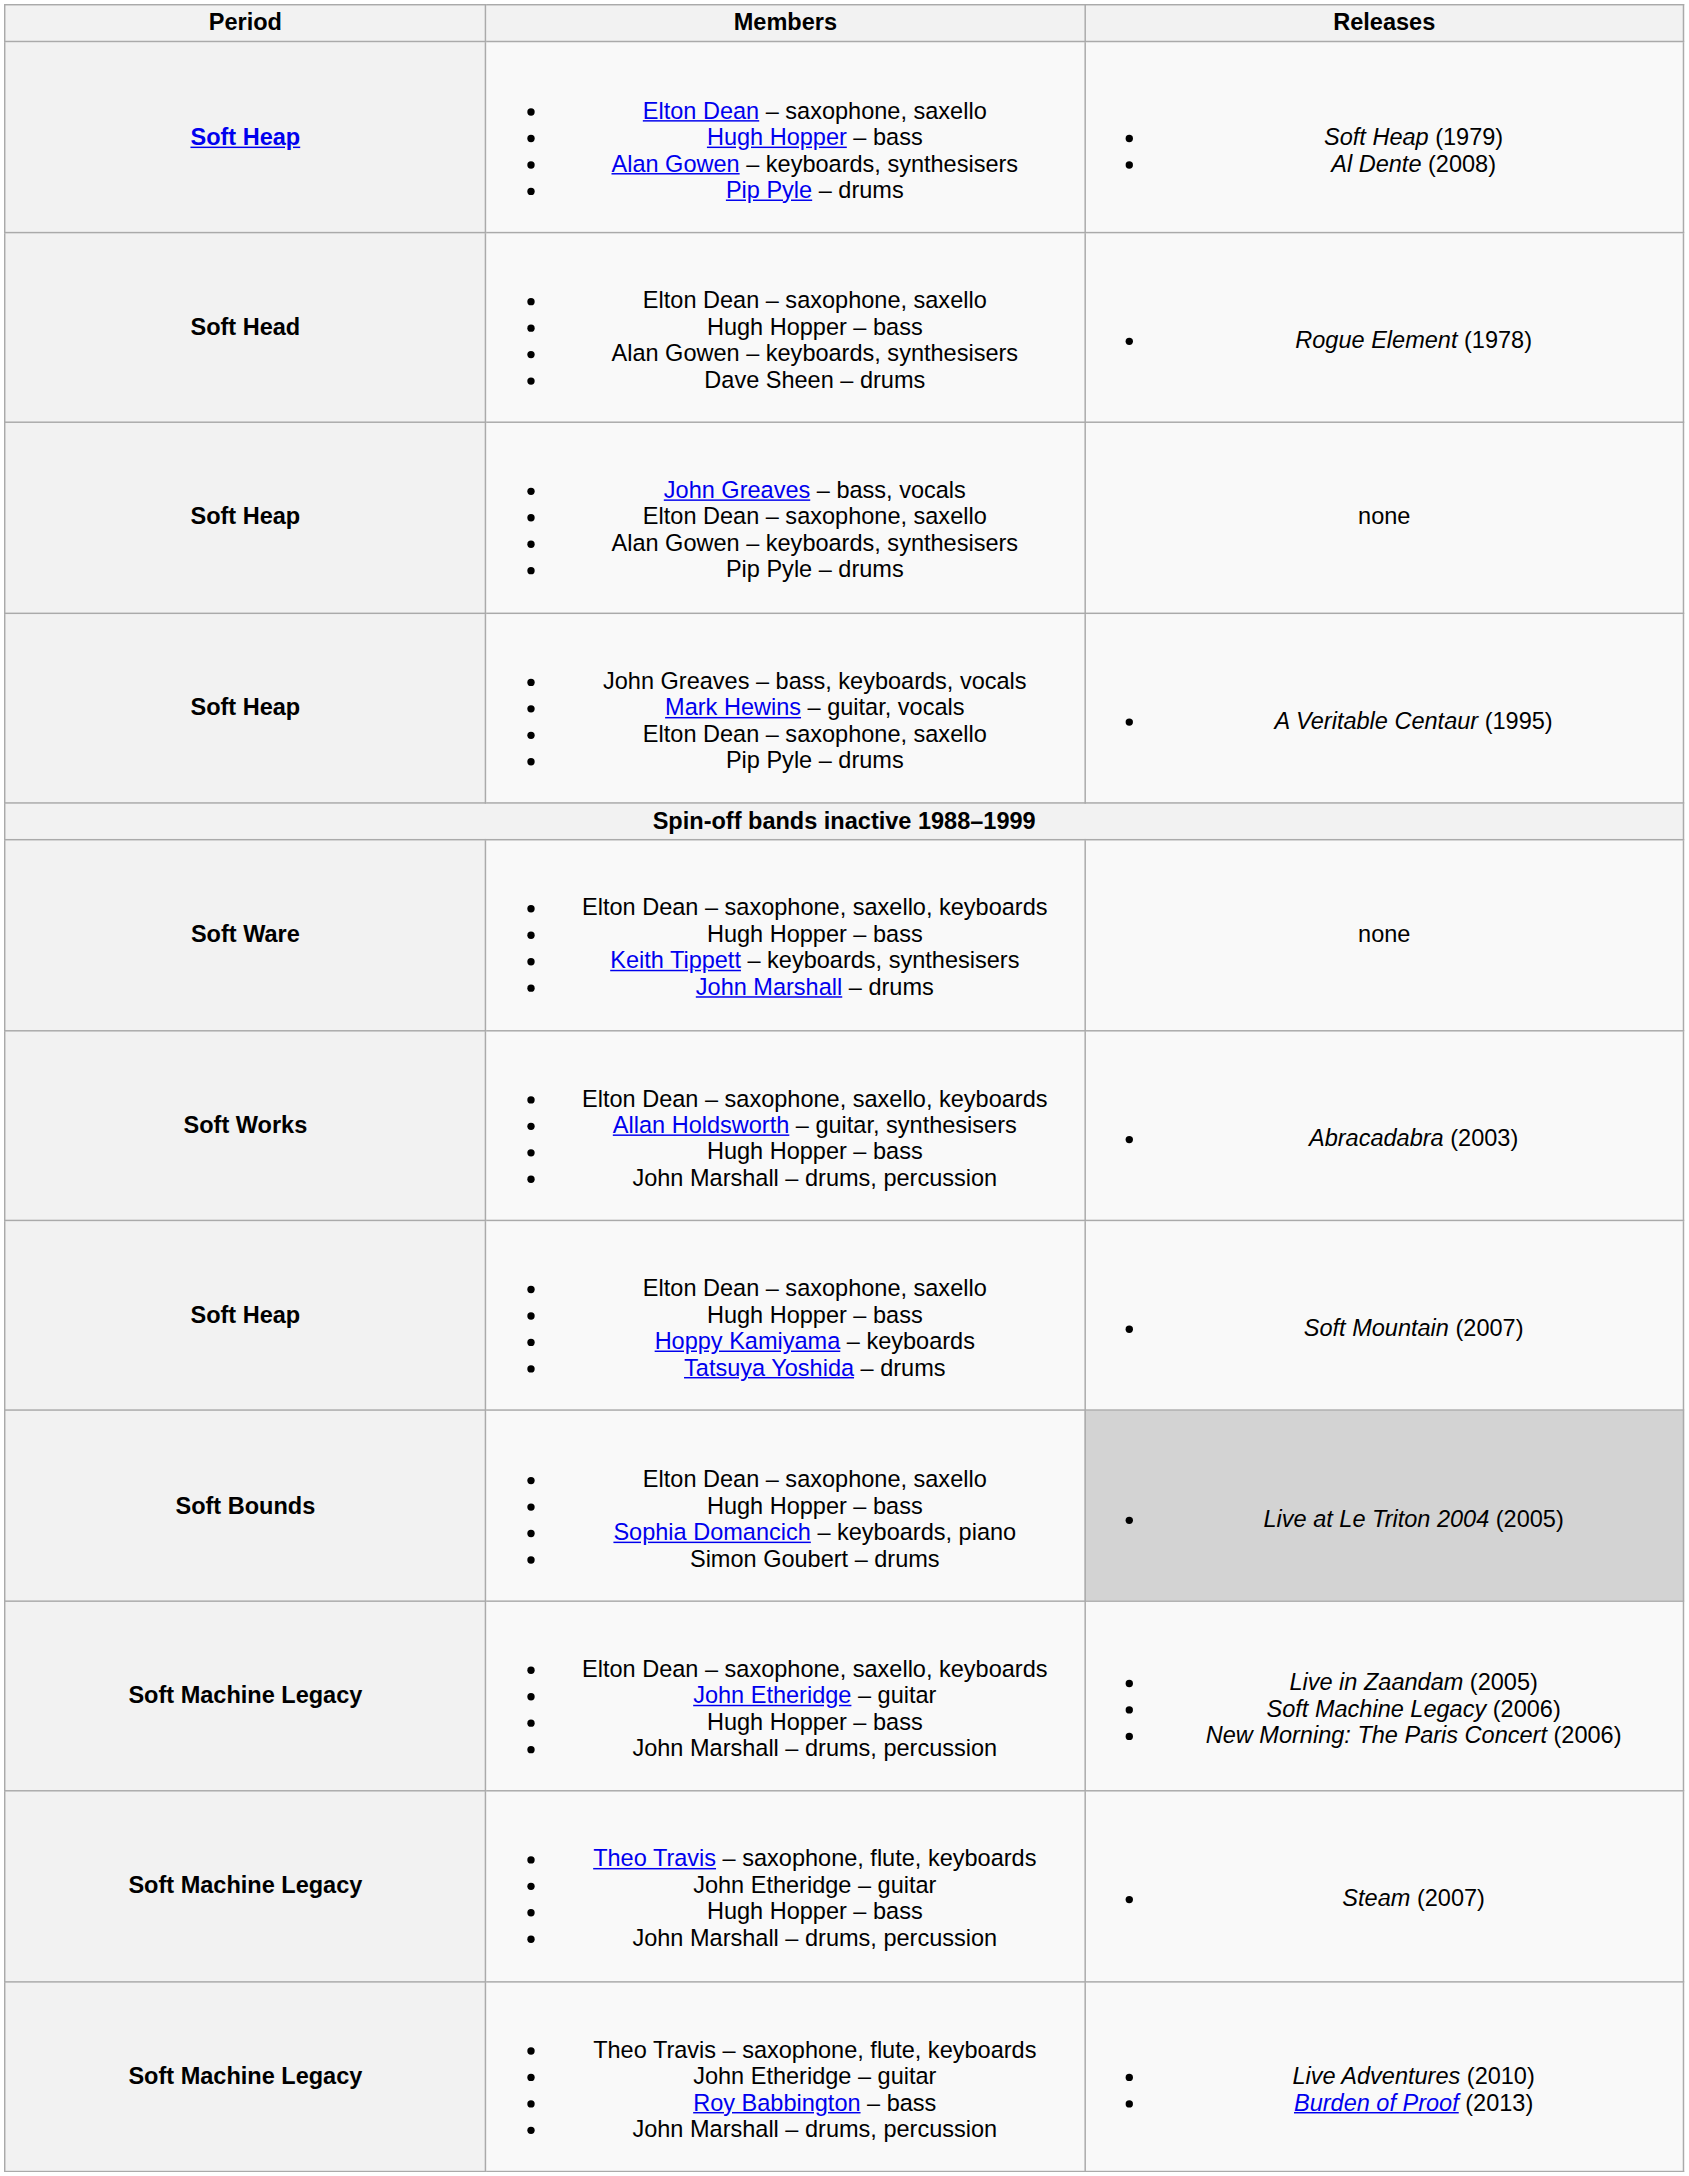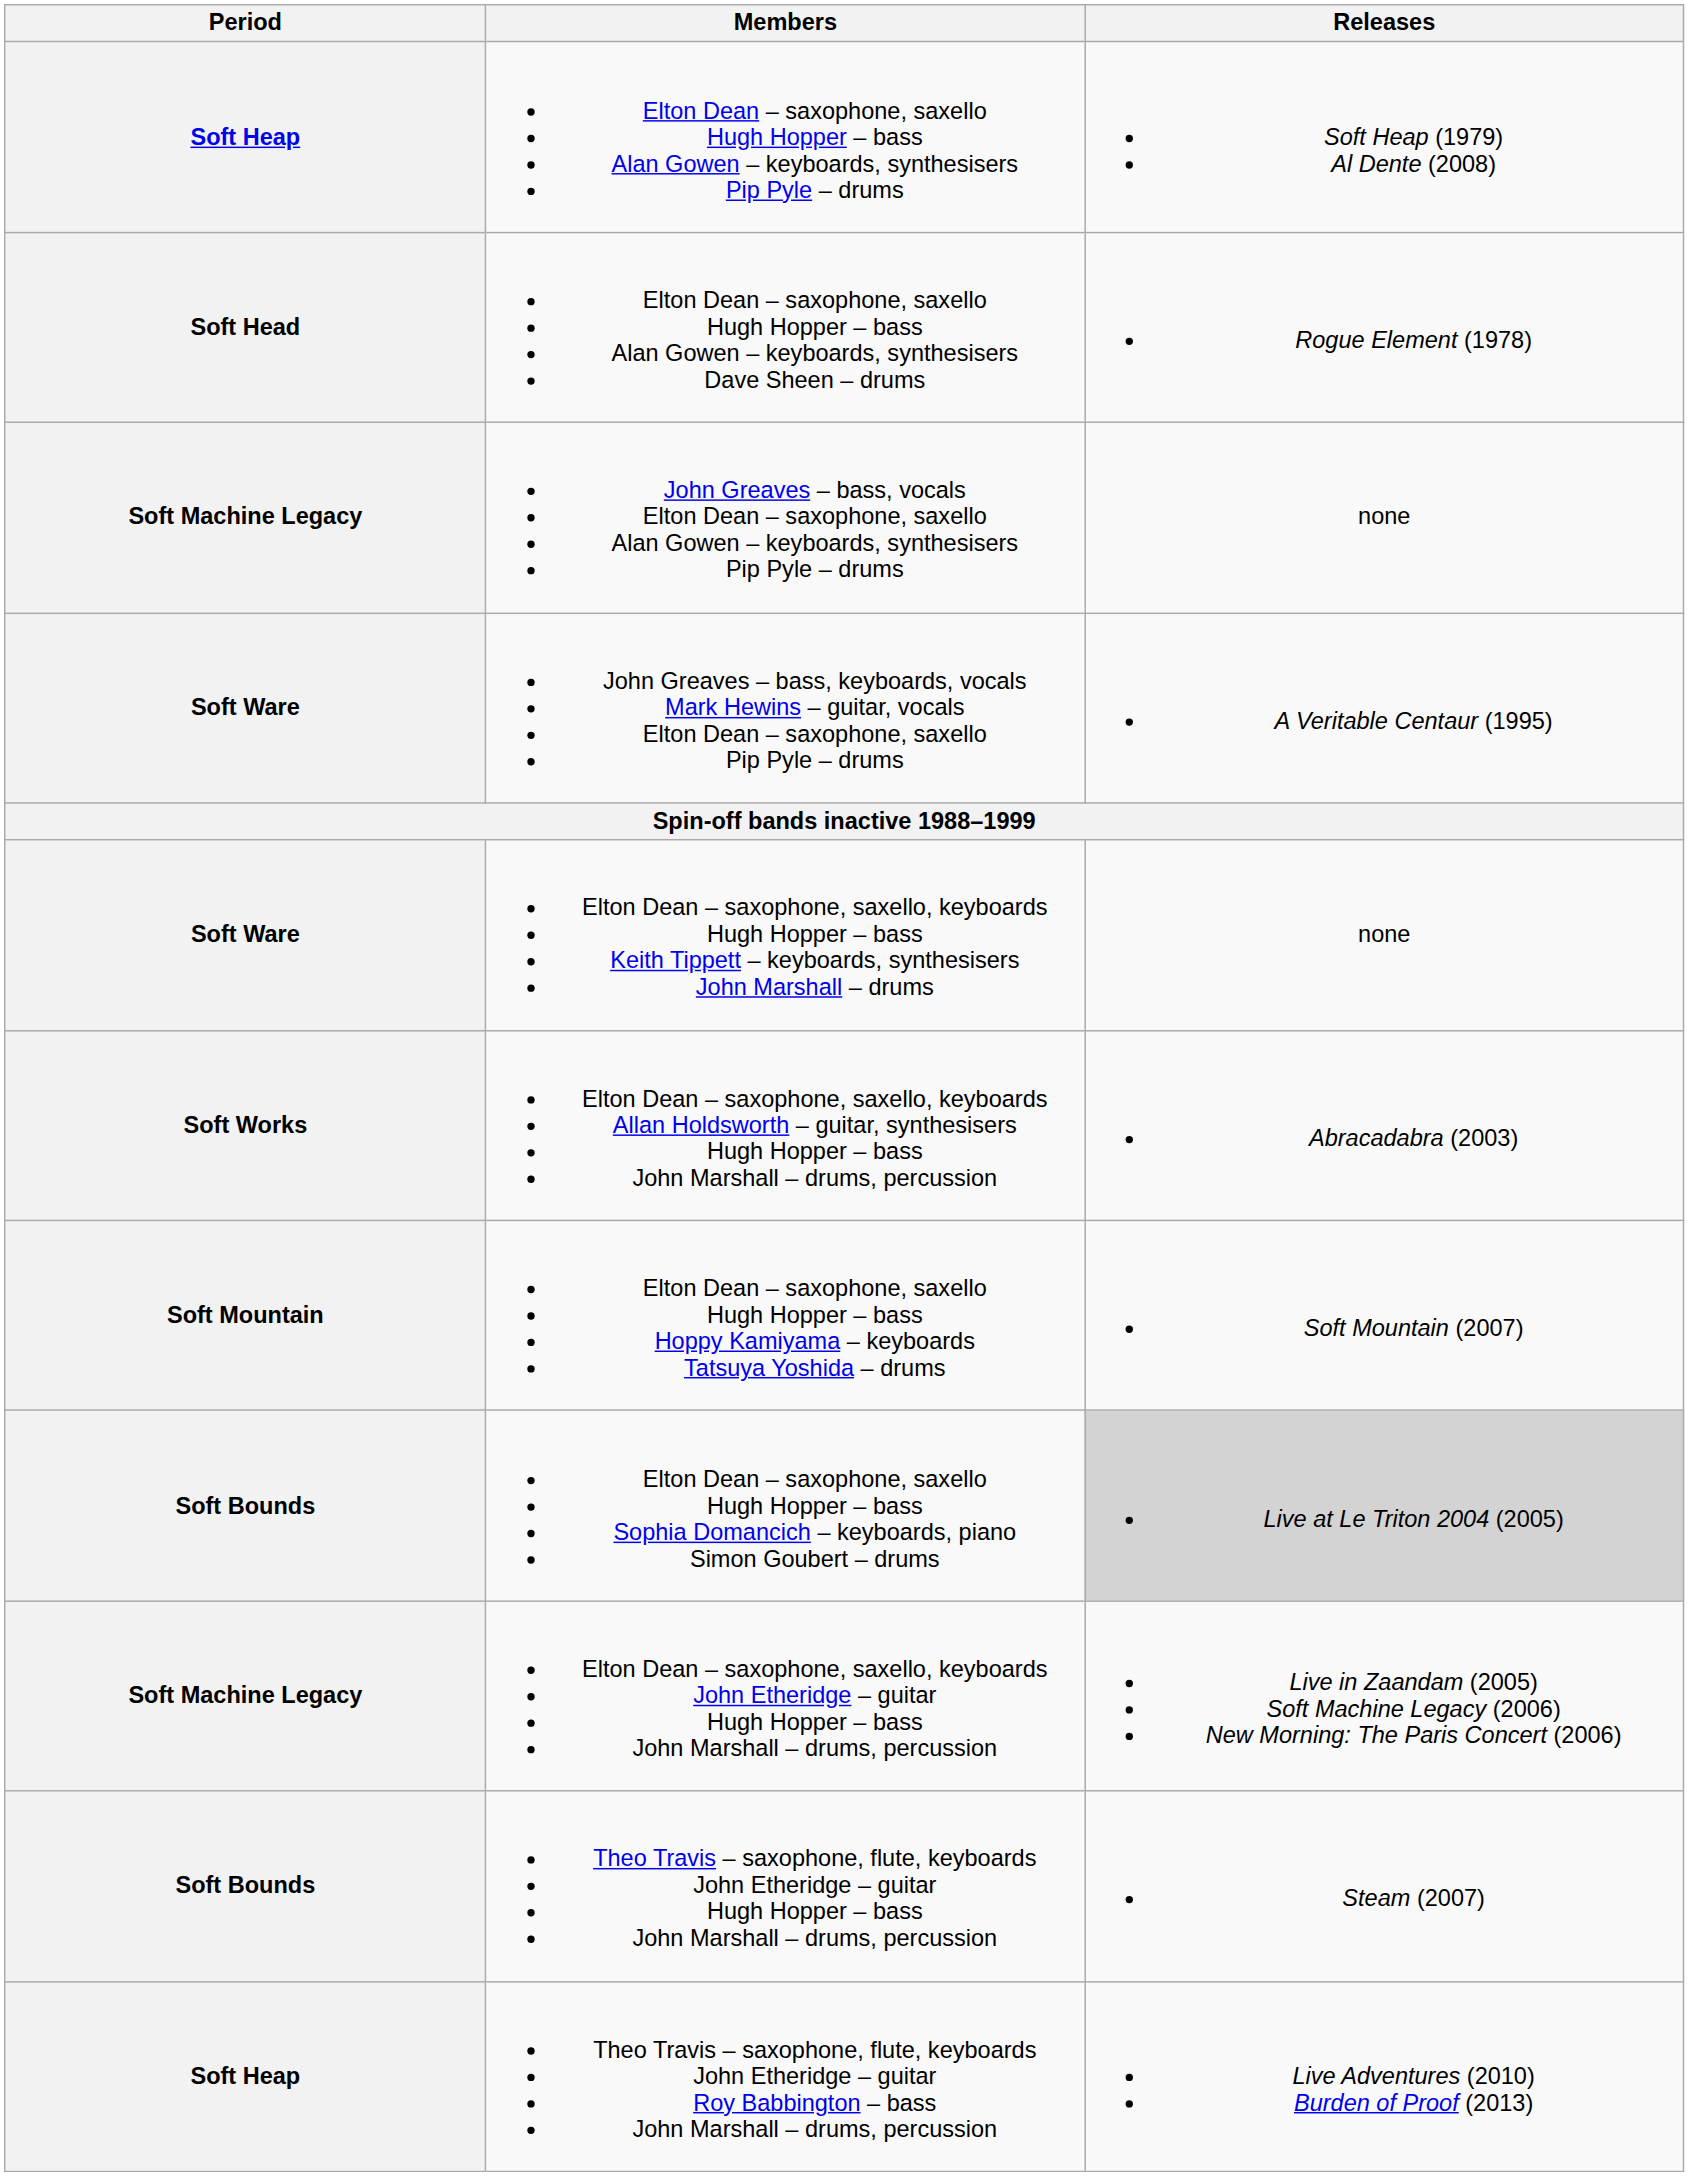 <table class="wikitable plainrowheaders" style="text-align:center;">
 <tr>
 <th scope="col" style="width:20em;">Period</th>
 <th scope="col" style="width:25em;">Members</th>
 <th scope="col" style="width:25em;">Releases</th>
 </tr>
 <tr>
 <th scope="col"><a href='#'>Soft Heap</a><br></th>
 <td><br><ul><li><a href='#'>Elton Dean</a> – saxophone, saxello</li><li><a href='#'>Hugh Hopper</a> – bass</li><li><a href='#'>Alan Gowen</a> – keyboards, synthesisers</li><li><a href='#'>Pip Pyle</a> – drums</li></ul></td>
 <td><br><ul><li><em>Soft Heap</em> (1979)</li><li><em>Al Dente</em> (2008)</li></ul></td>
 </tr>
 <tr>
 <th scope="col">Soft Head<br></th>
 <td><br><ul><li>Elton Dean – saxophone, saxello</li><li>Hugh Hopper – bass</li><li>Alan Gowen – keyboards, synthesisers</li><li>Dave Sheen – drums</li></ul></td>
 <td><br><ul><li><em>Rogue Element</em> (1978)</li></ul></td>
 </tr>
 <tr>
-<th scope="col">Soft Heap<br></th>
+<th scope="col">Soft Machine Legacy<br></th>
 <td><br><ul><li><a href='#'>John Greaves</a> – bass, vocals</li><li>Elton Dean – saxophone, saxello</li><li>Alan Gowen – keyboards, synthesisers</li><li>Pip Pyle – drums</li></ul></td>
 <td>none</td>
 </tr>
 <tr>
-<th scope="col">Soft Heap<br></th>
+<th scope="col">Soft Ware<br></th>
 <td><br><ul><li>John Greaves – bass, keyboards, vocals</li><li><a href='#'>Mark Hewins</a> – guitar, vocals</li><li>Elton Dean – saxophone, saxello</li><li>Pip Pyle – drums</li></ul></td>
 <td><br><ul><li><em>A Veritable Centaur</em> (1995)</li></ul></td>
 </tr>
 <tr>
 <th scope="col" colspan="3">Spin-off bands inactive 1988–1999</th>
 </tr>
 <tr>
 <th scope="col">Soft Ware<br></th>
 <td><br><ul><li>Elton Dean – saxophone, saxello, keyboards</li><li>Hugh Hopper – bass</li><li><a href='#'>Keith Tippett</a> – keyboards, synthesisers</li><li><a href='#'>John Marshall</a> – drums</li></ul></td>
 <td>none</td>
 </tr>
 <tr>
 <th scope="col">Soft Works<br></th>
 <td><br><ul><li>Elton Dean – saxophone, saxello, keyboards</li><li><a href='#'>Allan Holdsworth</a> – guitar, synthesisers</li><li>Hugh Hopper – bass</li><li>John Marshall – drums, percussion</li></ul></td>
 <td><br><ul><li><em>Abracadabra</em> (2003)</li></ul></td>
 </tr>
 <tr>
-<th scope="col">Soft Heap<br></th>
+<th scope="col">Soft Mountain<br></th>
 <td><br><ul><li>Elton Dean – saxophone, saxello</li><li>Hugh Hopper – bass</li><li><a href='#'>Hoppy Kamiyama</a> – keyboards</li><li><a href='#'>Tatsuya Yoshida</a> – drums</li></ul></td>
 <td><br><ul><li><em>Soft Mountain</em> (2007)</li></ul></td>
 </tr>
 <tr>
 <th scope="col">Soft Bounds<br></th>
 <td><br><ul><li>Elton Dean – saxophone, saxello</li><li>Hugh Hopper – bass</li><li><a href='#'>Sophia Domancich</a> – keyboards, piano</li><li>Simon Goubert – drums</li></ul></td>
 <td style="background: lightgrey;"><br><ul><li><em>Live at Le Triton 2004</em> (2005)</li></ul></td>
 </tr>
 <tr>
 <th scope="col">Soft Machine Legacy<br></th>
 <td><br><ul><li>Elton Dean – saxophone, saxello, keyboards</li><li><a href='#'>John Etheridge</a> – guitar</li><li>Hugh Hopper – bass</li><li>John Marshall – drums, percussion</li></ul></td>
 <td><br><ul><li><em>Live in Zaandam</em> (2005)</li><li><em>Soft Machine Legacy</em> (2006)</li><li><em>New Morning: The Paris Concert</em> (2006)</li></ul></td>
 </tr>
 <tr>
-<th scope="col">Soft Machine Legacy<br></th>
+<th scope="col">Soft Bounds<br></th>
 <td><br><ul><li><a href='#'>Theo Travis</a> – saxophone, flute, keyboards</li><li>John Etheridge – guitar</li><li>Hugh Hopper – bass</li><li>John Marshall – drums, percussion</li></ul></td>
 <td><br><ul><li><em>Steam</em> (2007)</li></ul></td>
 </tr>
 <tr>
-<th scope="col">Soft Machine Legacy<br></th>
+<th scope="col">Soft Heap<br></th>
 <td><br><ul><li>Theo Travis – saxophone, flute, keyboards</li><li>John Etheridge – guitar</li><li><a href='#'>Roy Babbington</a> – bass</li><li>John Marshall – drums, percussion</li></ul></td>
 <td><br><ul><li><em>Live Adventures</em> (2010)</li><li><em><a href='#'>Burden of Proof</a></em> (2013)</li></ul></td>
 </tr>
 </table>
